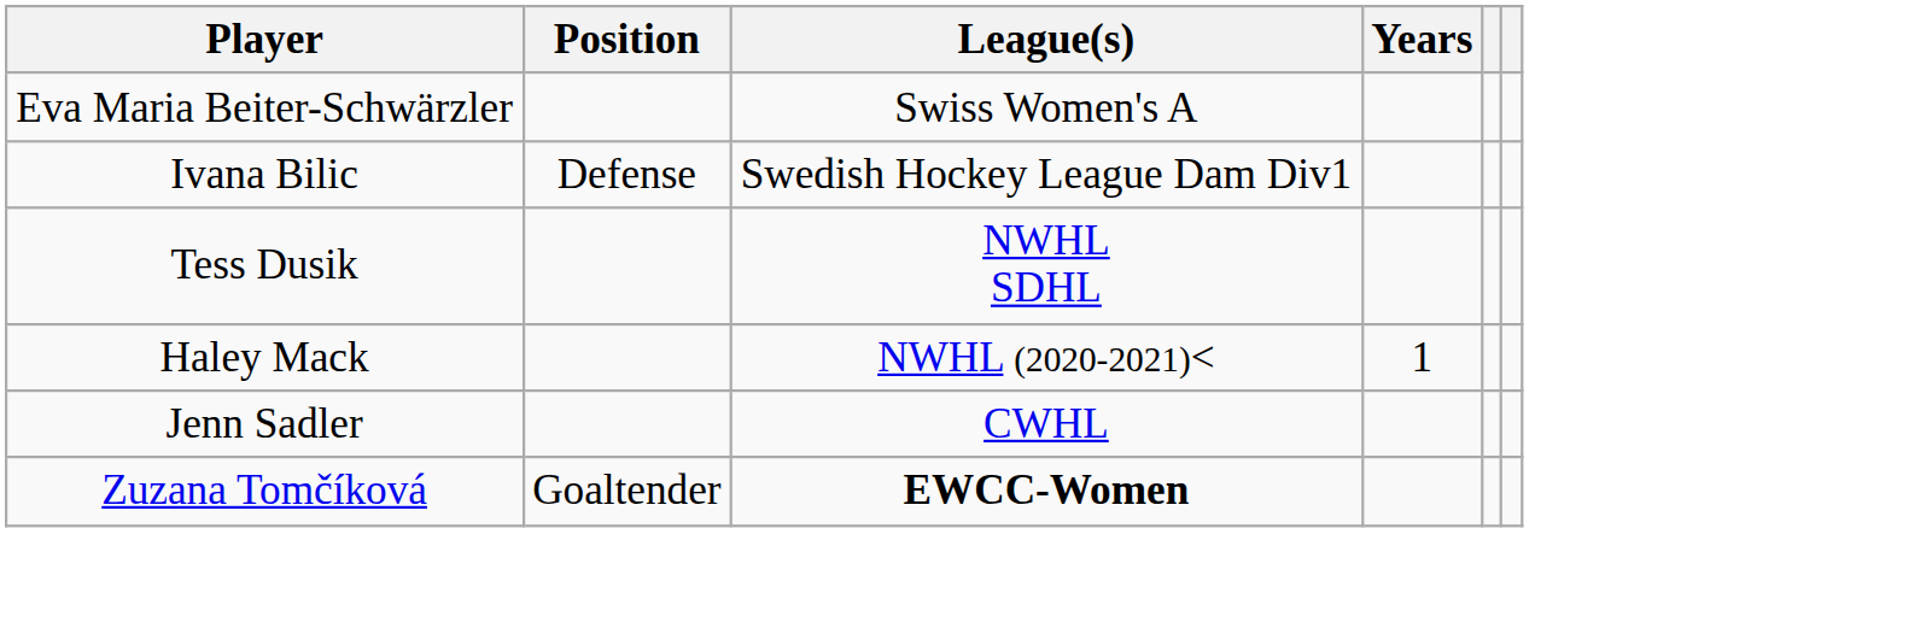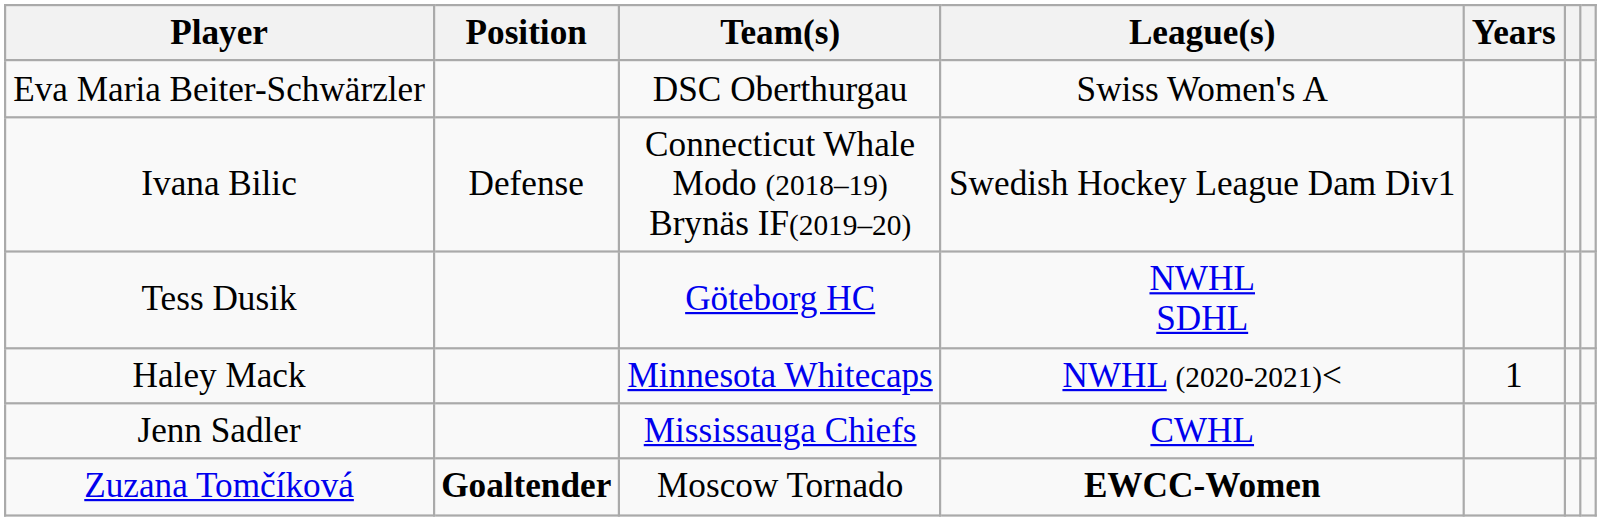 <table class="wikitable sortable">
 <tr>
 <th>Player</th>
 <th>Position</th>
+<th>Team(s)</th>
 <th>League(s)</th>
 <th>Years</th>
 <th><a href='#'></a></th>
 <th><a href='#'></a></th>
 </tr>
 <tr align="center" bgcolor=>
 <td>Eva Maria Beiter-Schwärzler</td>
 <td></td>
+<td>DSC Oberthurgau</td>
 <td>Swiss Women's A</td>
 <td></td>
 <td></td>
 <td></td>
 </tr>
 <tr align="center" bgcolor=>
 <td>Ivana Bilic</td>
 <td>Defense</td>
+<td>Connecticut Whale<br>Modo <small>(2018–19)</small><br>Brynäs IF<small>(2019–20)</small></td>
 <td>Swedish Hockey League Dam Div1</td>
 <td></td>
 <td></td>
 <td></td>
 </tr>
 <tr align="center" bgcolor=>
 <td>Tess Dusik</td>
 <td></td>
+<td><a href='#'>Göteborg HC</a></td>
 <td><a href='#'>NWHL</a> <br><a href='#'>SDHL</a></td>
 <td></td>
 <td></td>
 <td></td>
 </tr>
 <tr align="center" bgcolor=>
 <td>Haley Mack</td>
 <td></td>
+<td><a href='#'>Minnesota Whitecaps</a></td>
 <td><a href='#'>NWHL</a> <small>(2020-2021)</small><</td>
 <td>1</td>
 <td></td>
 <td></td>
 </tr>
 <tr align="center" bgcolor="">
 <td>Jenn Sadler</td>
 <td></td>
+<td><a href='#'>Mississauga Chiefs</a></td>
 <td><a href='#'>CWHL</a></td>
 <td></td>
 <td></td>
 <td></td>
 </tr>
 <tr align="center" bgcolor="">
 <td><a href='#'>Zuzana Tomčíková</a></td>
-<td>Goaltender</td>
+<td><strong>Goaltender</strong></td>
+<td>Moscow Tornado</td>
 <td><strong>EWCC-Women</strong></td>
 <td></td>
 <td></td>
 <td></td>
 </tr>
 </table>
